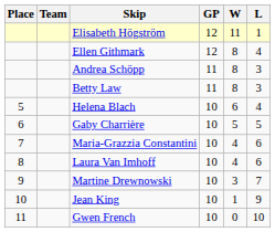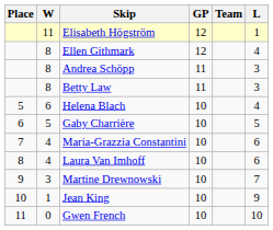 <table class="wikitable" style="text-align:center;">
 <tr>
 <th>Place</th>
-<th>Team</th>
+<th width="25">W</th>
 <th>Skip</th>
 <th width="25">GP</th>
-<th width="25">W</th>
+<th>Team</th>
 <th width="25">L</th>
 </tr>
 <tr bgcolor="#ffffcc">
 <td></td>
-<td align=left></td>
+<td>11</td>
 <td align=left><a href='#'>Elisabeth Högström</a></td>
 <td>12</td>
-<td>11</td>
+<td align=left></td>
 <td>1</td>
 </tr>
 <tr>
 <td></td>
-<td align=left></td>
+<td>8</td>
 <td align=left><a href='#'>Ellen Githmark</a></td>
 <td>12</td>
-<td>8</td>
+<td align=left></td>
 <td>4</td>
 </tr>
 <tr>
 <td></td>
-<td align=left></td>
+<td>8</td>
 <td align=left><a href='#'>Andrea Schöpp</a></td>
 <td>11</td>
-<td>8</td>
+<td align=left></td>
 <td>3</td>
 </tr>
 <tr>
 <td></td>
-<td align=left></td>
+<td>8</td>
 <td align=left><a href='#'>Betty Law</a></td>
 <td>11</td>
-<td>8</td>
+<td align=left></td>
 <td>3</td>
 </tr>
 <tr>
 <td>5</td>
-<td align=left></td>
+<td>6</td>
 <td align=left><a href='#'>Helena Blach</a></td>
 <td>10</td>
-<td>6</td>
+<td align=left></td>
 <td>4</td>
 </tr>
 <tr>
 <td>6</td>
-<td align=left></td>
+<td>5</td>
 <td align=left><a href='#'>Gaby Charrière</a></td>
 <td>10</td>
-<td>5</td>
+<td align=left></td>
 <td>5</td>
 </tr>
 <tr>
 <td>7</td>
-<td align=left></td>
+<td>4</td>
 <td align=left><a href='#'>Maria-Grazzia Constantini</a></td>
 <td>10</td>
-<td>4</td>
+<td align=left></td>
 <td>6</td>
 </tr>
 <tr>
 <td>8</td>
-<td align=left></td>
+<td>4</td>
 <td align=left><a href='#'>Laura Van Imhoff</a></td>
 <td>10</td>
-<td>4</td>
+<td align=left></td>
 <td>6</td>
 </tr>
 <tr>
 <td>9</td>
-<td align=left></td>
+<td>3</td>
 <td align=left><a href='#'>Martine Drewnowski</a></td>
 <td>10</td>
-<td>3</td>
+<td align=left></td>
 <td>7</td>
 </tr>
 <tr>
 <td>10</td>
-<td align=left></td>
+<td>1</td>
 <td align=left><a href='#'>Jean King</a></td>
 <td>10</td>
-<td>1</td>
+<td align=left></td>
 <td>9</td>
 </tr>
 <tr>
 <td>11</td>
-<td align=left></td>
+<td>0</td>
 <td align=left><a href='#'>Gwen French</a></td>
 <td>10</td>
-<td>0</td>
+<td align=left></td>
 <td>10</td>
 </tr>
 </table>
